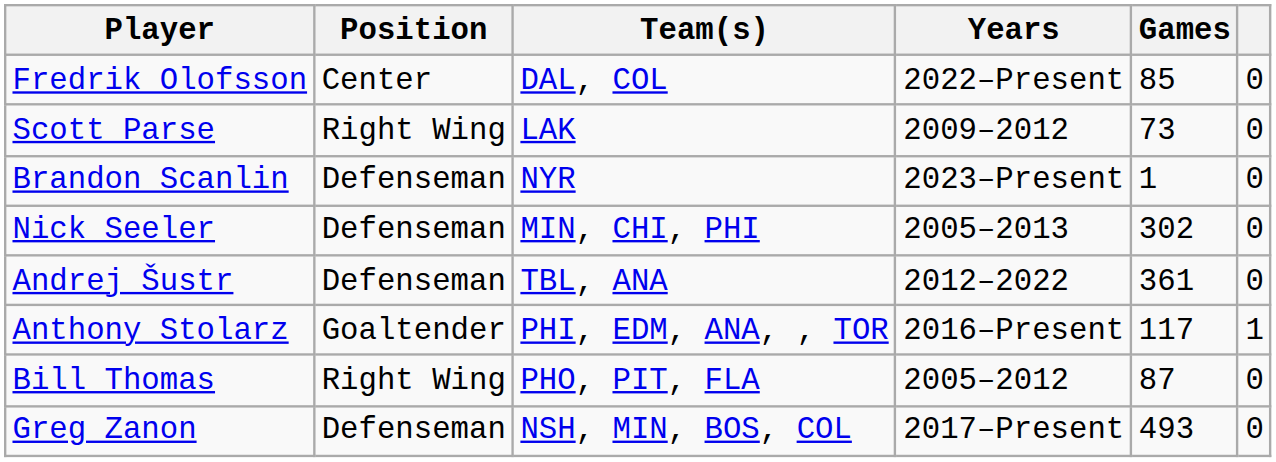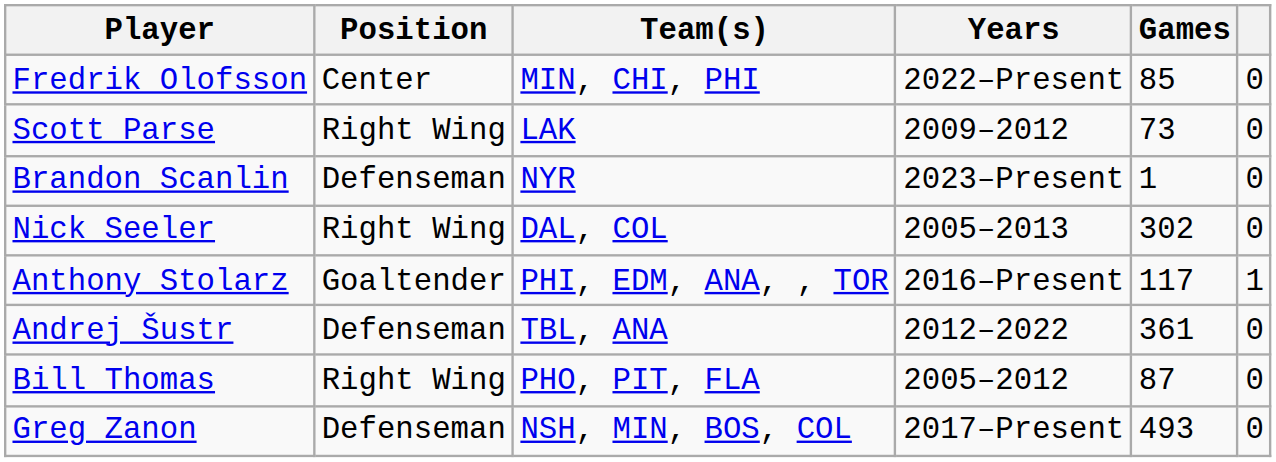 <table class="wikitable sortable">
 <tr>
 <th>Player</th>
 <th>Position</th>
 <th>Team(s)</th>
 <th>Years</th>
 <th>Games</th>
 <th><a href='#'></a></th>
 </tr>
 <tr>
 <td><a href='#'>Fredrik Olofsson</a></td>
 <td>Center</td>
-<td><a href='#'>DAL</a>, <a href='#'>COL</a></td>
+<td><a href='#'>MIN</a>, <a href='#'>CHI</a>, <a href='#'>PHI</a></td>
 <td>2022–Present</td>
 <td>85</td>
 <td>0</td>
 </tr>
 <tr>
 <td><a href='#'>Scott Parse</a></td>
 <td>Right Wing</td>
 <td><a href='#'>LAK</a></td>
 <td>2009–2012</td>
 <td>73</td>
 <td>0</td>
 </tr>
 <tr>
 <td><a href='#'>Brandon Scanlin</a></td>
 <td>Defenseman</td>
 <td><a href='#'>NYR</a></td>
 <td>2023–Present</td>
 <td>1</td>
 <td>0</td>
 </tr>
 <tr>
 <td><a href='#'>Nick Seeler</a></td>
-<td>Defenseman</td>
-<td><a href='#'>MIN</a>, <a href='#'>CHI</a>, <a href='#'>PHI</a></td>
+<td>Right Wing</td>
+<td><a href='#'>DAL</a>, <a href='#'>COL</a></td>
 <td>2005–2013</td>
 <td>302</td>
-<td>0</td>
-</tr>
-<tr>
-<td><a href='#'>Andrej Šustr</a></td>
-<td>Defenseman</td>
-<td><a href='#'>TBL</a>, <a href='#'>ANA</a></td>
-<td>2012–2022</td>
-<td>361</td>
 <td>0</td>
 </tr>
 <tr>
 <td><a href='#'>Anthony Stolarz</a></td>
 <td>Goaltender</td>
 <td><a href='#'>PHI</a>, <a href='#'>EDM</a>, <a href='#'>ANA</a>, <span><strong></strong></span>, <a href='#'>TOR</a></td>
 <td>2016–Present</td>
 <td>117</td>
 <td>1</td>
+</tr>
+<tr>
+<td><a href='#'>Andrej Šustr</a></td>
+<td>Defenseman</td>
+<td><a href='#'>TBL</a>, <a href='#'>ANA</a></td>
+<td>2012–2022</td>
+<td>361</td>
+<td>0</td>
 </tr>
 <tr>
 <td><a href='#'>Bill Thomas</a></td>
 <td>Right Wing</td>
 <td><a href='#'>PHO</a>, <a href='#'>PIT</a>, <a href='#'>FLA</a></td>
 <td>2005–2012</td>
 <td>87</td>
 <td>0</td>
 </tr>
 <tr>
 <td><a href='#'>Greg Zanon</a></td>
 <td>Defenseman</td>
 <td><a href='#'>NSH</a>, <a href='#'>MIN</a>, <a href='#'>BOS</a>, <a href='#'>COL</a></td>
 <td>2017–Present</td>
 <td>493</td>
 <td>0</td>
 </tr>
 </table>
